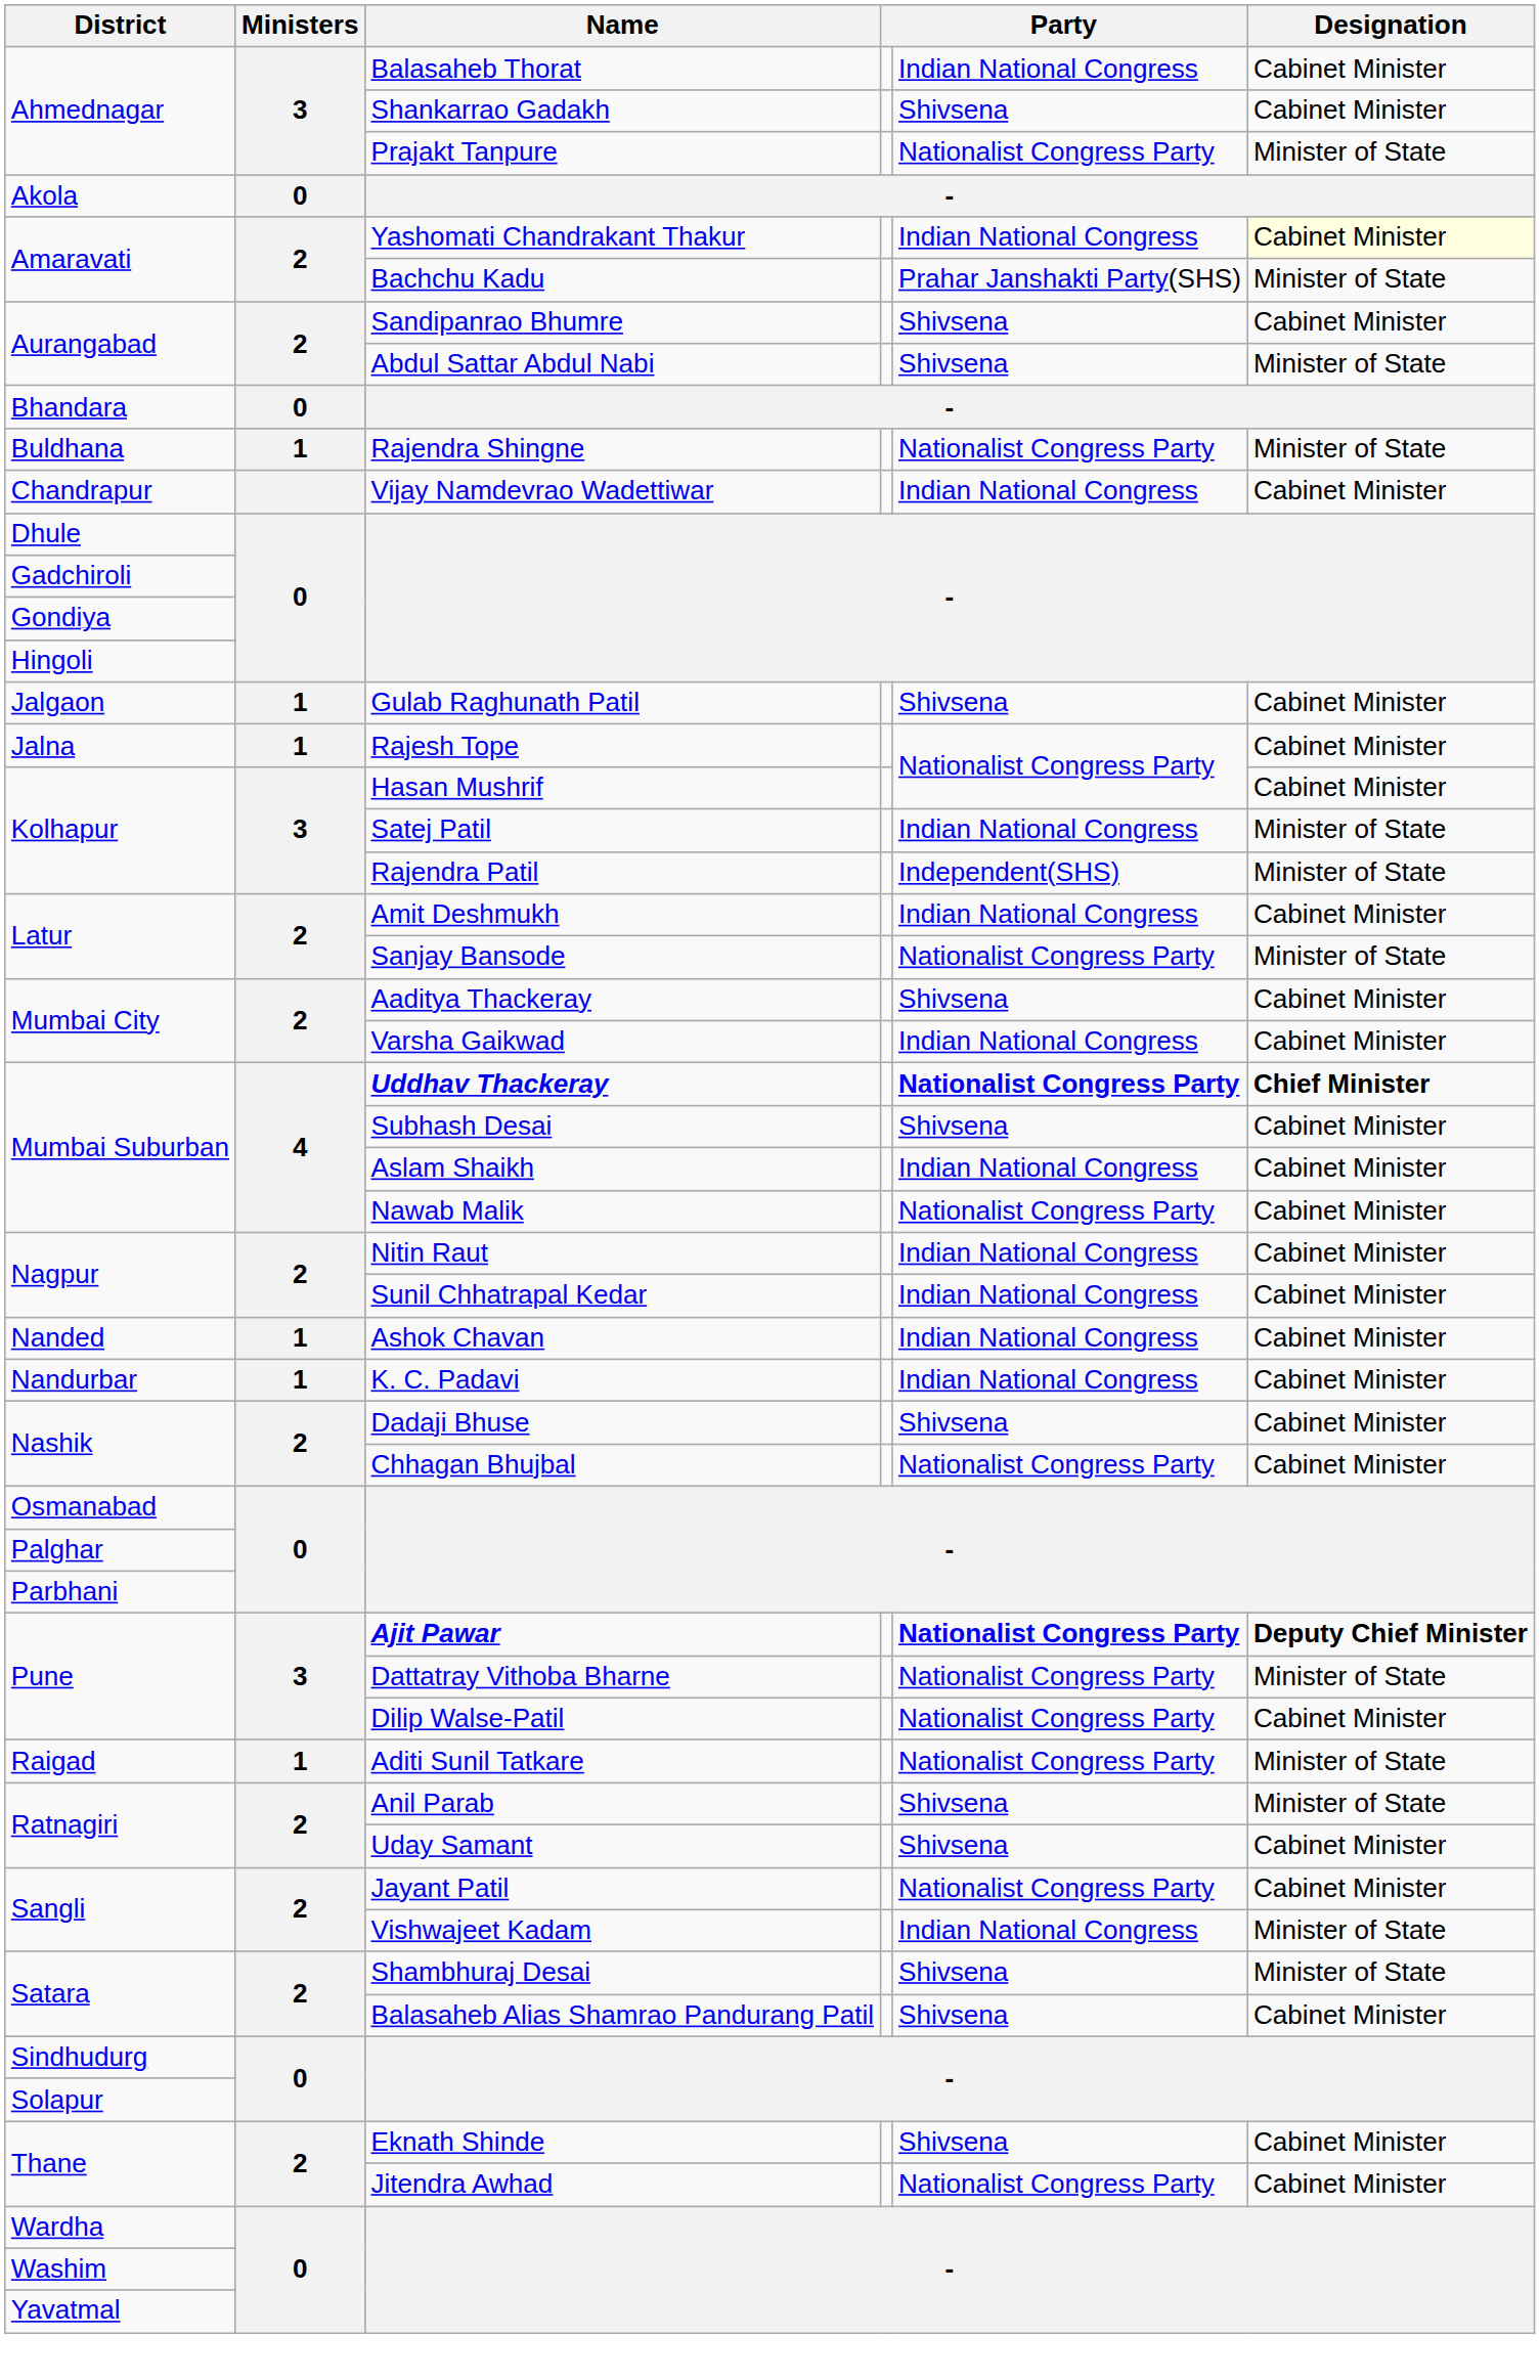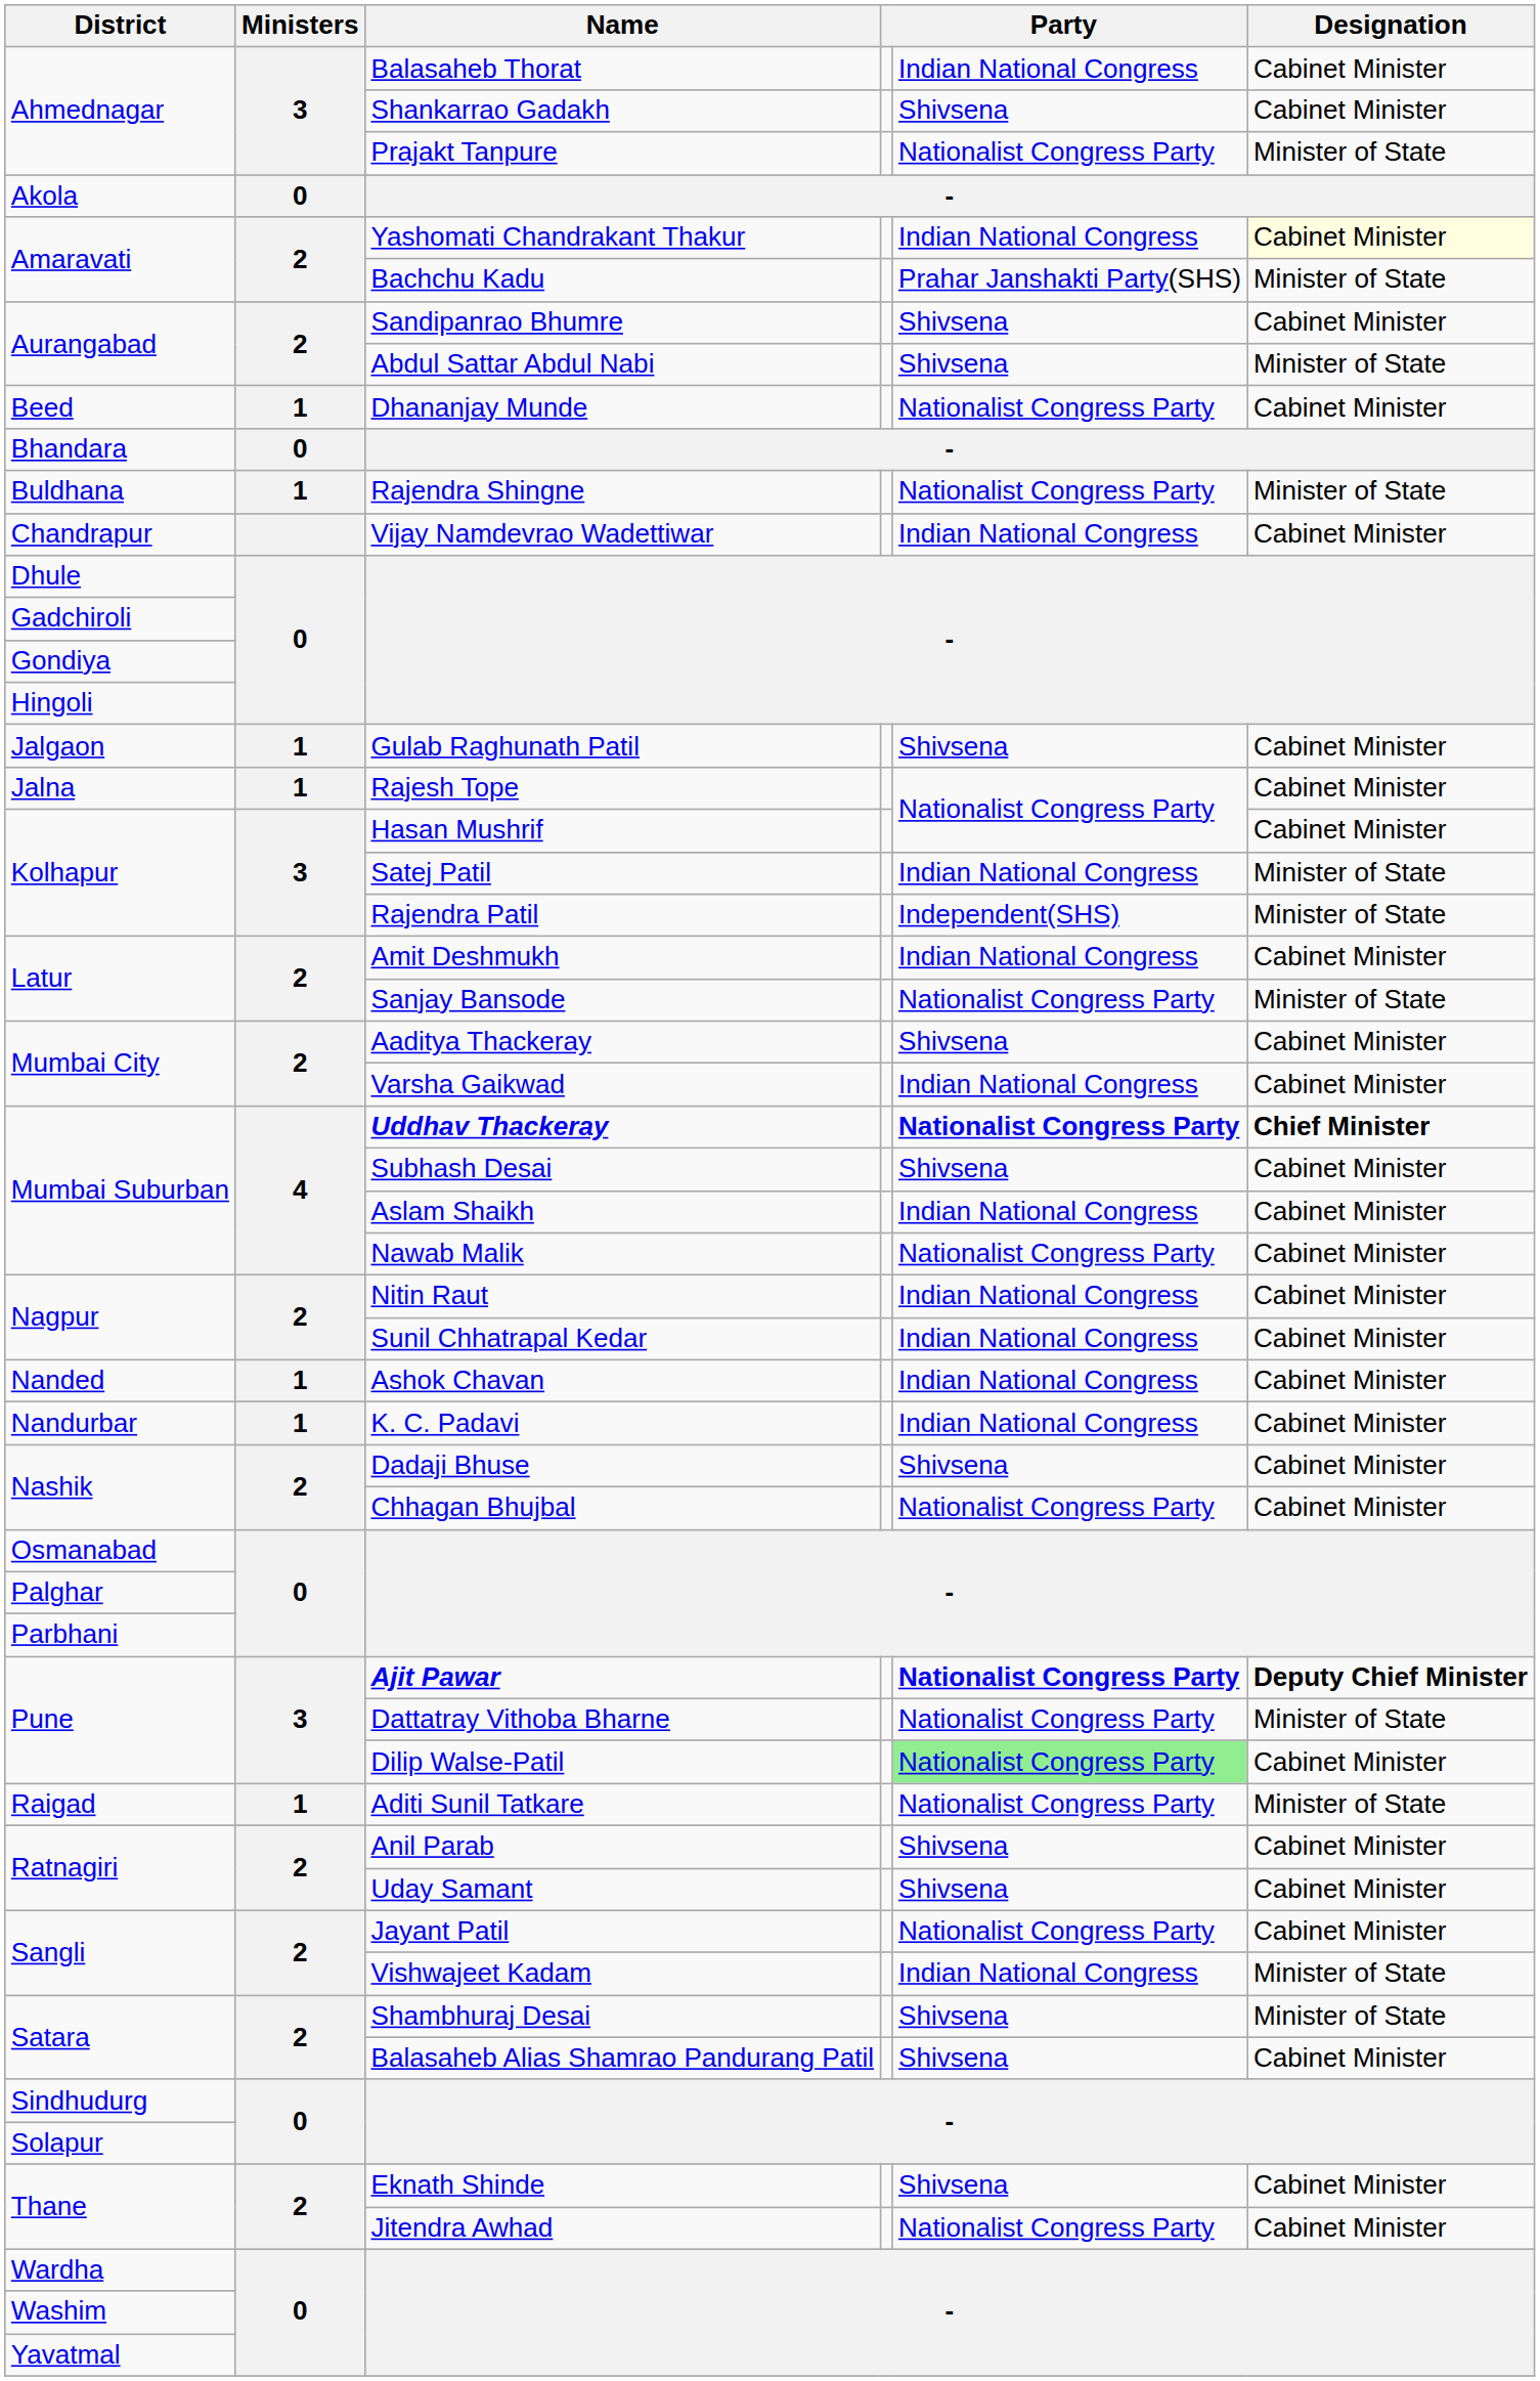 <table class="wikitable">
 <tr>
 <th>District</th>
 <th>Ministers</th>
 <th>Name</th>
 <th colspan="2">Party</th>
 <th>Designation</th>
 </tr>
 <tr>
 <td rowspan="3"><a href='#'>Ahmednagar</a></td>
 <th rowspan="3">3</th>
 <td><a href='#'>Balasaheb Thorat</a></td>
 <td style="background-color: "></td>
 <td><a href='#'>Indian National Congress</a></td>
 <td>Cabinet Minister</td>
 </tr>
 <tr>
 <td><a href='#'>Shankarrao Gadakh</a></td>
 <td style="background-color: "></td>
 <td><a href='#'>Shivsena</a></td>
 <td>Cabinet Minister</td>
 </tr>
 <tr>
 <td><a href='#'>Prajakt Tanpure</a></td>
 <td style="background-color: "></td>
 <td><a href='#'>Nationalist Congress Party</a></td>
 <td>Minister of State</td>
 </tr>
 <tr>
 <td><a href='#'>Akola</a></td>
 <th>0</th>
 <th colspan="4">-</th>
 </tr>
 <tr>
 <td rowspan="2"><a href='#'>Amaravati</a></td>
 <th rowspan="2">2</th>
 <td><a href='#'>Yashomati Chandrakant Thakur</a></td>
 <td style="background-color: "></td>
 <td><a href='#'>Indian National Congress</a></td>
 <td style="background: lightyellow;">Cabinet Minister</td>
 </tr>
 <tr>
 <td><a href='#'>Bachchu Kadu</a></td>
 <td style="background-color: "></td>
 <td><a href='#'>Prahar Janshakti Party</a>(SHS)</td>
 <td>Minister of State</td>
 </tr>
 <tr>
 <td rowspan="2"><a href='#'>Aurangabad</a></td>
 <th rowspan="2">2</th>
 <td><a href='#'>Sandipanrao Bhumre</a></td>
 <td style="background-color: "></td>
 <td><a href='#'>Shivsena</a></td>
 <td>Cabinet Minister</td>
 </tr>
 <tr>
 <td><a href='#'>Abdul Sattar Abdul Nabi</a></td>
 <td style="background-color: "></td>
 <td><a href='#'>Shivsena</a></td>
 <td>Minister of State</td>
+</tr>
+<tr>
+<td><a href='#'>Beed</a></td>
+<th>1</th>
+<td><a href='#'>Dhananjay Munde</a></td>
+<td style="background-color: "></td>
+<td><a href='#'>Nationalist Congress Party</a></td>
+<td>Cabinet Minister</td>
 </tr>
 <tr>
 <td><a href='#'>Bhandara</a></td>
 <th>0</th>
 <th colspan="4">-</th>
 </tr>
 <tr>
 <td><a href='#'>Buldhana</a></td>
 <th>1</th>
 <td><a href='#'>Rajendra Shingne</a></td>
 <td style="background-color: "></td>
 <td><a href='#'>Nationalist Congress Party</a></td>
 <td>Minister of State</td>
 </tr>
 <tr>
 <td><a href='#'>Chandrapur</a></td>
 <th></th>
 <td><a href='#'>Vijay Namdevrao Wadettiwar</a></td>
 <td style="background-color: "></td>
 <td><a href='#'>Indian National Congress</a></td>
 <td>Cabinet Minister</td>
 </tr>
 <tr>
 <td><a href='#'>Dhule</a></td>
 <th rowspan="4">0</th>
 <th colspan="4" rowspan="4">-</th>
 </tr>
 <tr>
 <td><a href='#'>Gadchiroli</a></td>
 </tr>
 <tr>
 <td><a href='#'>Gondiya</a></td>
 </tr>
 <tr>
 <td><a href='#'>Hingoli</a></td>
 </tr>
 <tr>
 <td><a href='#'>Jalgaon</a></td>
 <th>1</th>
 <td><a href='#'>Gulab Raghunath Patil</a></td>
 <td style="background-color: "></td>
 <td><a href='#'>Shivsena</a></td>
 <td>Cabinet Minister</td>
 </tr>
 <tr>
 <td><a href='#'>Jalna</a></td>
 <th>1</th>
 <td><a href='#'>Rajesh Tope</a></td>
 <td style="background-color: "></td>
 <td rowspan="2"><a href='#'>Nationalist Congress Party</a></td>
 <td>Cabinet Minister</td>
 </tr>
 <tr>
 <td rowspan="3"><a href='#'>Kolhapur</a></td>
 <th rowspan="3">3</th>
 <td><a href='#'>Hasan Mushrif</a></td>
 <td style="background-color: "></td>
 <td>Cabinet Minister</td>
 </tr>
 <tr>
 <td><a href='#'>Satej Patil</a></td>
 <td style="background-color: "></td>
 <td><a href='#'>Indian National Congress</a></td>
 <td>Minister of State</td>
 </tr>
 <tr>
 <td><a href='#'>Rajendra Patil</a></td>
 <td style="background-color: "></td>
 <td><a href='#'>Independent(SHS)</a></td>
 <td>Minister of State</td>
 </tr>
 <tr>
 <td rowspan="2"><a href='#'>Latur</a></td>
 <th rowspan="2">2</th>
 <td><a href='#'>Amit Deshmukh</a></td>
 <td style="background-color: "></td>
 <td><a href='#'>Indian National Congress</a></td>
 <td>Cabinet Minister</td>
 </tr>
 <tr>
 <td><a href='#'>Sanjay Bansode</a></td>
 <td style="background-color: "></td>
 <td><a href='#'>Nationalist Congress Party</a></td>
 <td>Minister of State</td>
 </tr>
 <tr>
 <td rowspan="2"><a href='#'>Mumbai City</a></td>
 <th rowspan="2">2</th>
 <td><a href='#'>Aaditya Thackeray</a></td>
 <td style="background-color: "></td>
 <td><a href='#'>Shivsena</a></td>
 <td>Cabinet Minister</td>
 </tr>
 <tr>
 <td><a href='#'>Varsha Gaikwad</a></td>
 <td style="background-color: "></td>
 <td><a href='#'>Indian National Congress</a></td>
 <td>Cabinet Minister</td>
 </tr>
 <tr>
 <td rowspan="4"><a href='#'>Mumbai Suburban</a></td>
 <th rowspan="4">4</th>
 <td><strong><em><a href='#'>Uddhav Thackeray</a></em></strong></td>
 <td style="background-color: "></td>
 <td><strong><a href='#'>Nationalist Congress Party</a></strong></td>
 <td><strong>Chief Minister</strong></td>
 </tr>
 <tr>
 <td><a href='#'>Subhash Desai</a></td>
 <td style="background-color: "></td>
 <td><a href='#'>Shivsena</a></td>
 <td>Cabinet Minister</td>
 </tr>
 <tr>
 <td><a href='#'>Aslam Shaikh</a></td>
 <td style="background-color: "></td>
 <td><a href='#'>Indian National Congress</a></td>
 <td>Cabinet Minister</td>
 </tr>
 <tr>
 <td><a href='#'>Nawab Malik</a></td>
 <td style="background-color: "></td>
 <td><a href='#'>Nationalist Congress Party</a></td>
 <td>Cabinet Minister</td>
 </tr>
 <tr>
 <td rowspan="2"><a href='#'>Nagpur</a></td>
 <th rowspan="2">2</th>
 <td><a href='#'>Nitin Raut</a></td>
 <td style="background-color: "></td>
 <td><a href='#'>Indian National Congress</a></td>
 <td>Cabinet Minister</td>
 </tr>
 <tr>
 <td><a href='#'>Sunil Chhatrapal Kedar</a></td>
 <td style="background-color: "></td>
 <td><a href='#'>Indian National Congress</a></td>
 <td>Cabinet Minister</td>
 </tr>
 <tr>
 <td><a href='#'>Nanded</a></td>
 <th>1</th>
 <td><a href='#'>Ashok Chavan</a></td>
 <td style="background-color: "></td>
 <td><a href='#'>Indian National Congress</a></td>
 <td>Cabinet Minister</td>
 </tr>
 <tr>
 <td><a href='#'>Nandurbar</a></td>
 <th>1</th>
 <td><a href='#'>K. C. Padavi</a></td>
 <td style="background-color: "></td>
 <td><a href='#'>Indian National Congress</a></td>
 <td>Cabinet Minister</td>
 </tr>
 <tr>
 <td rowspan="2"><a href='#'>Nashik</a></td>
 <th rowspan="2">2</th>
 <td><a href='#'>Dadaji Bhuse</a></td>
 <td style="background-color: "></td>
 <td><a href='#'>Shivsena</a></td>
 <td>Cabinet Minister</td>
 </tr>
 <tr>
 <td><a href='#'>Chhagan Bhujbal</a></td>
 <td style="background-color: "></td>
 <td><a href='#'>Nationalist Congress Party</a></td>
 <td>Cabinet Minister</td>
 </tr>
 <tr>
 <td><a href='#'>Osmanabad</a></td>
 <th rowspan="3">0</th>
 <th colspan="4" rowspan="3">-</th>
 </tr>
 <tr>
 <td><a href='#'>Palghar</a></td>
 </tr>
 <tr>
 <td><a href='#'>Parbhani</a></td>
 </tr>
 <tr>
 <td rowspan="3"><a href='#'>Pune</a></td>
 <th rowspan="3">3</th>
 <td><strong><em><a href='#'>Ajit Pawar</a></em></strong></td>
 <td style="background-color: "></td>
 <td><strong><a href='#'>Nationalist Congress Party</a></strong></td>
 <td><strong>Deputy Chief Minister</strong></td>
 </tr>
 <tr>
 <td><a href='#'>Dattatray Vithoba Bharne</a></td>
 <td style="background-color: "></td>
 <td><a href='#'>Nationalist Congress Party</a></td>
 <td>Minister of State</td>
 </tr>
 <tr>
 <td><a href='#'>Dilip Walse-Patil</a></td>
 <td style="background-color: "></td>
-<td><a href='#'>Nationalist Congress Party</a></td>
+<td style="background: lightgreen;"><a href='#'>Nationalist Congress Party</a></td>
 <td>Cabinet Minister</td>
 </tr>
 <tr>
 <td><a href='#'>Raigad</a></td>
 <th>1</th>
 <td><a href='#'>Aditi Sunil Tatkare</a></td>
 <td style="background-color: "></td>
 <td><a href='#'>Nationalist Congress Party</a></td>
 <td>Minister of State</td>
 </tr>
 <tr>
 <td rowspan="2"><a href='#'>Ratnagiri</a></td>
 <th rowspan="2">2</th>
 <td><a href='#'>Anil Parab</a></td>
 <td style="background-color: "></td>
 <td><a href='#'>Shivsena</a></td>
-<td>Minister of State</td>
+<td>Cabinet Minister</td>
 </tr>
 <tr>
 <td><a href='#'>Uday Samant</a></td>
 <td style="background-color: "></td>
 <td><a href='#'>Shivsena</a></td>
 <td>Cabinet Minister</td>
 </tr>
 <tr>
 <td rowspan="2"><a href='#'>Sangli</a></td>
 <th rowspan="2">2</th>
 <td><a href='#'>Jayant Patil</a></td>
 <td style="background-color: "></td>
 <td><a href='#'>Nationalist Congress Party</a></td>
 <td>Cabinet Minister</td>
 </tr>
 <tr>
 <td><a href='#'>Vishwajeet Kadam</a></td>
 <td style="background-color: "></td>
 <td><a href='#'>Indian National Congress</a></td>
 <td>Minister of State</td>
 </tr>
 <tr>
 <td rowspan="2"><a href='#'>Satara</a></td>
 <th rowspan="2">2</th>
 <td><a href='#'>Shambhuraj Desai</a></td>
 <td style="background-color: "></td>
 <td><a href='#'>Shivsena</a></td>
 <td>Minister of State</td>
 </tr>
 <tr>
 <td><a href='#'>Balasaheb Alias Shamrao Pandurang Patil</a></td>
 <td style="background-color: "></td>
 <td><a href='#'>Shivsena</a></td>
 <td>Cabinet Minister</td>
 </tr>
 <tr>
 <td><a href='#'>Sindhudurg</a></td>
 <th rowspan="2">0</th>
 <th colspan="4" rowspan="2">-</th>
 </tr>
 <tr>
 <td><a href='#'>Solapur</a></td>
 </tr>
 <tr>
 <td rowspan="2"><a href='#'>Thane</a></td>
 <th rowspan="2">2</th>
 <td><a href='#'>Eknath Shinde</a></td>
 <td style="background-color: "></td>
 <td><a href='#'>Shivsena</a></td>
 <td>Cabinet Minister</td>
 </tr>
 <tr>
 <td><a href='#'>Jitendra Awhad</a></td>
 <td style="background-color: "></td>
 <td><a href='#'>Nationalist Congress Party</a></td>
 <td>Cabinet Minister</td>
 </tr>
 <tr>
 <td><a href='#'>Wardha</a></td>
 <th rowspan="3">0</th>
 <th colspan="4" rowspan="3">-</th>
 </tr>
 <tr>
 <td><a href='#'>Washim</a></td>
 </tr>
 <tr>
 <td><a href='#'>Yavatmal</a></td>
 </tr>
 </table>
